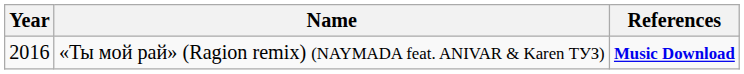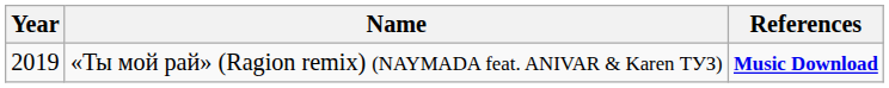 <table class="wikitable">
 <tr>
 <th rowspan="1">Year</th>
 <th rowspan="1">Name</th>
 <th rowspan="1">References</th>
 </tr>
 <tr>
-<td rowspan="1" align="center">2016</td>
+<td rowspan="1" align="center">2019</td>
 <td>«Ты мой рай» (Ragion remix) <small>(NAYMADA feat. ANIVAR & Karen ТУЗ)</small></td>
 <td><strong><small><a href='#'>Music Download</a></small></strong></td>
 </tr>
 </table>
